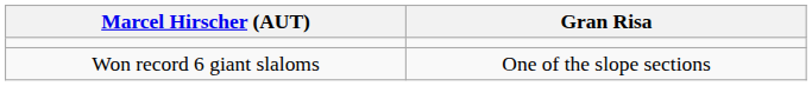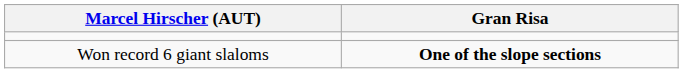 <table class="wikitable" style="text-align:center; width:49%; border:1px #AAAAFF solid">
 <tr>
 <th><a href='#'>Marcel Hirscher</a> (AUT)</th>
 <th>Gran Risa</th>
 </tr>
 <tr>
 <td width=145></td>
 <td width=145></td>
 </tr>
 <tr>
 <td>Won record 6 giant slaloms</td>
-<td>One of the slope sections</td>
+<td><strong>One of the slope sections</strong></td>
 </tr>
 </table>
